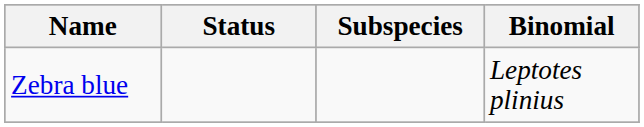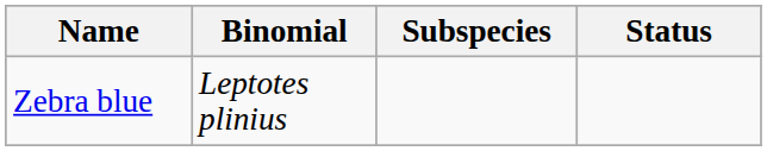 <table width=60% class="wikitable">
 <tr>
 <th width=20%>Name</th>
+<th width=20%>Binomial</th>
+<th width=20%>Subspecies</th>
 <th width=20%>Status</th>
-<th width=20%>Subspecies</th>
-<th width=20%>Binomial</th>
 </tr>
 <tr>
 <td><a href='#'>Zebra blue</a><br> </td>
+<td><em>Leptotes plinius</em></td>
 <td></td>
 <td></td>
-<td><em>Leptotes plinius</em></td>
 </tr>
 </table>
